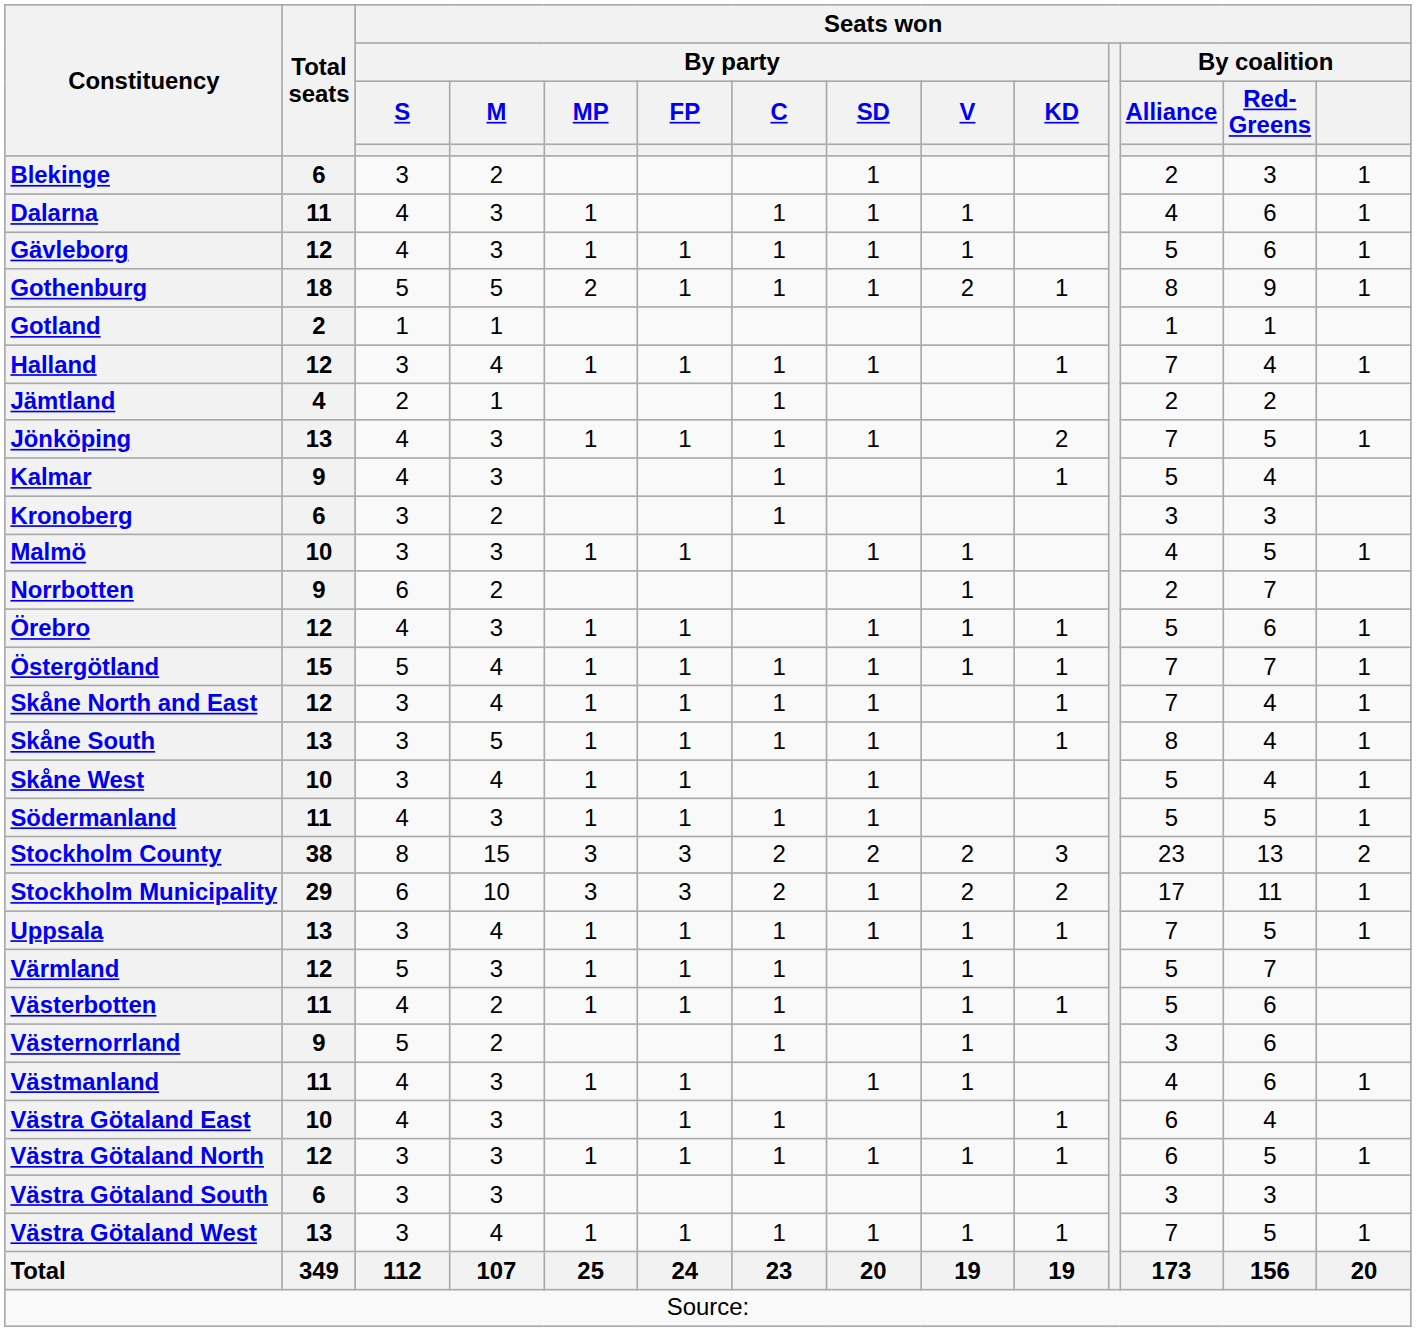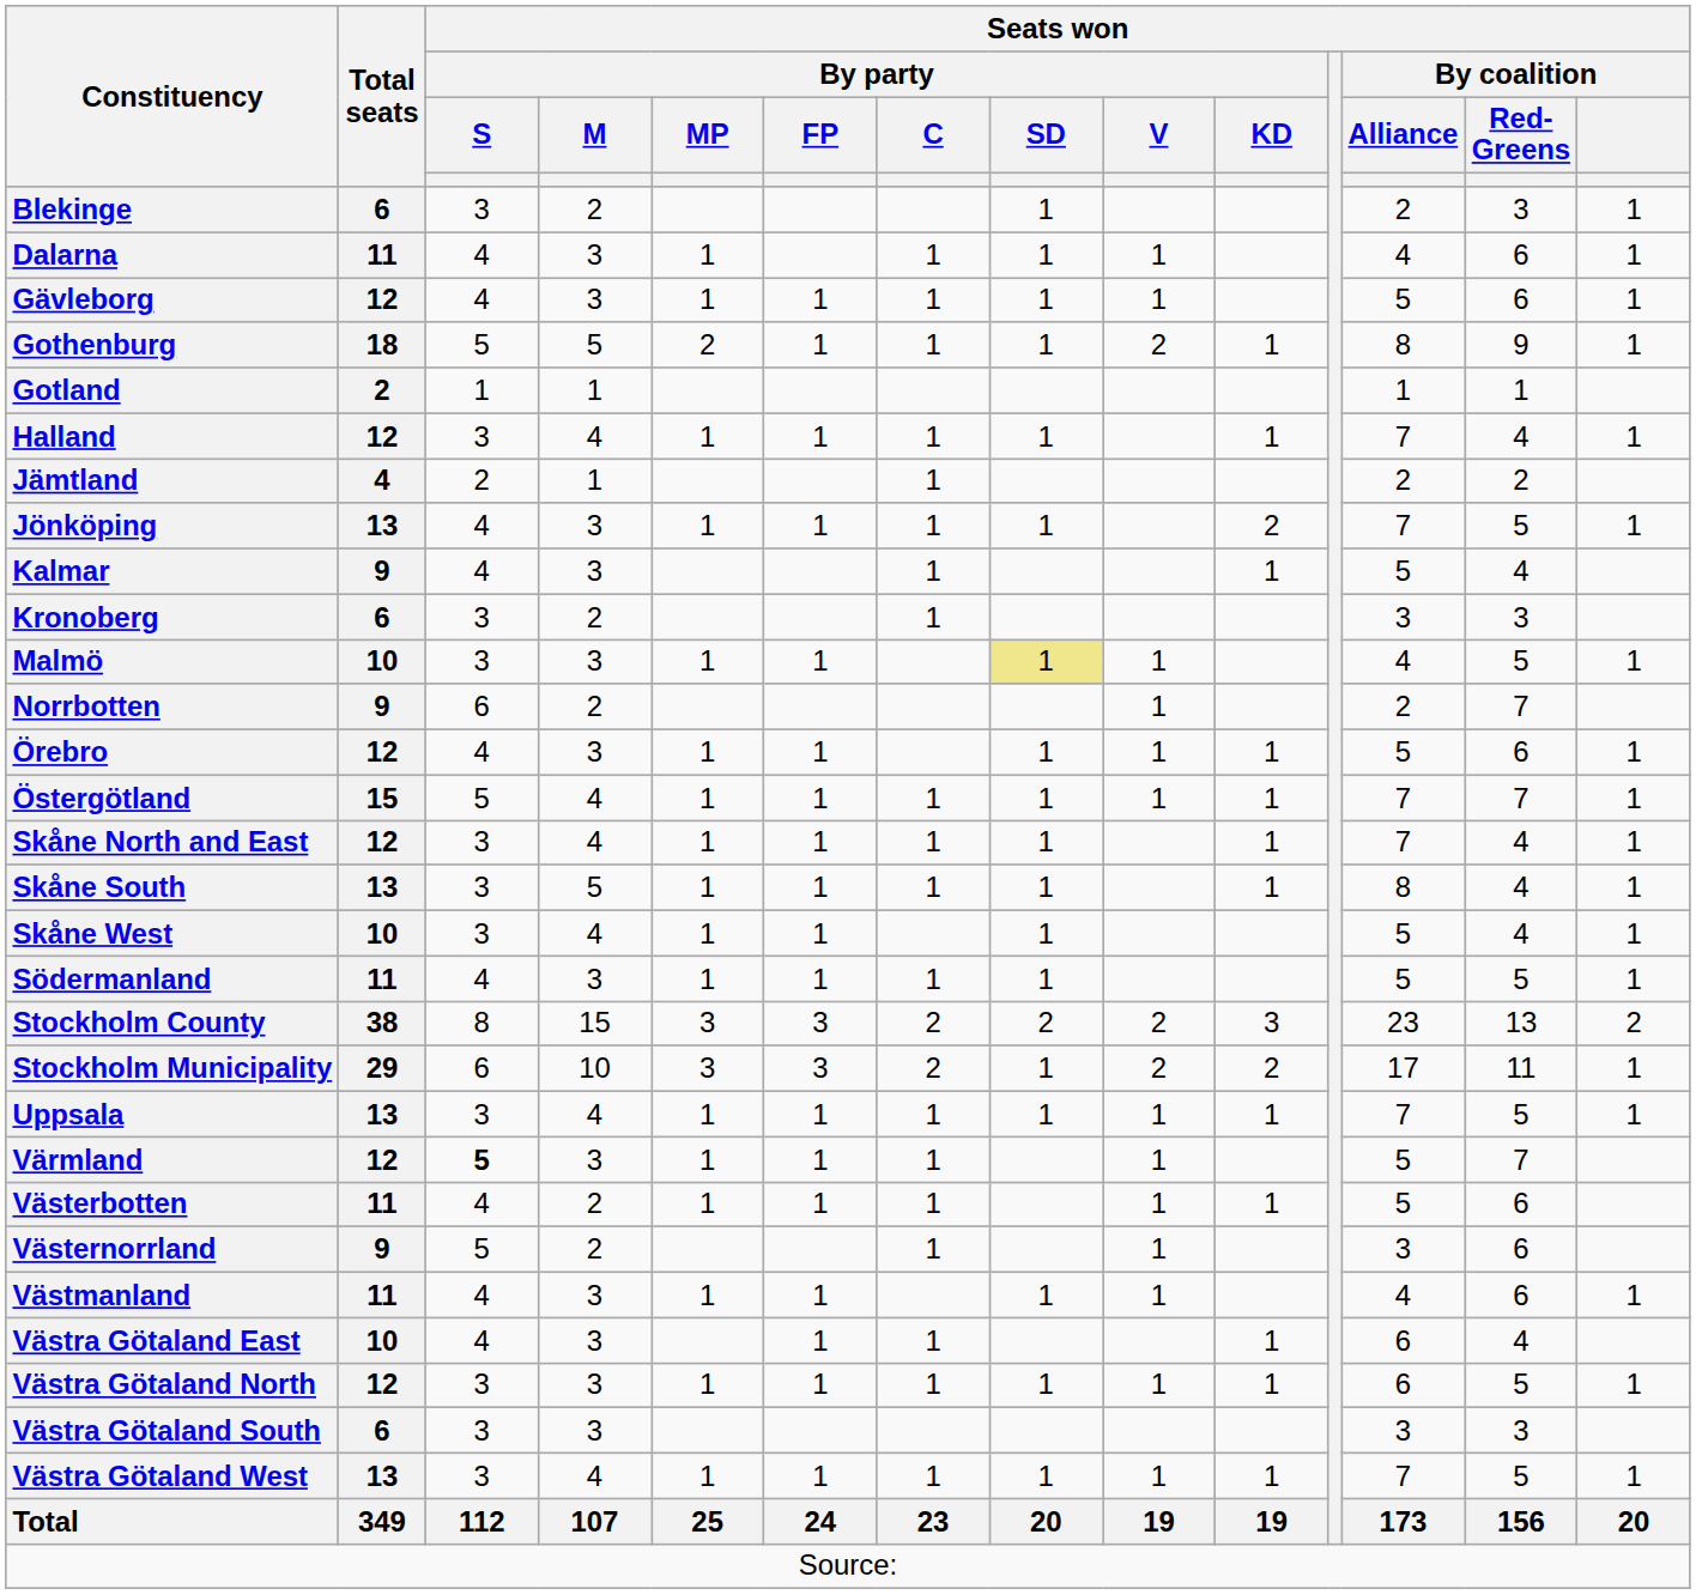 <table class="wikitable" style="text-align:center; font-size: 0.9em;">
 <tr>
 <th rowspan="4">Constituency</th>
 <th rowspan="4">Total<br>seats</th>
 <th colspan="12">Seats won</th>
 </tr>
 <tr>
 <th colspan="8">By party</th>
 <th rowspan="33"></th>
 <th colspan="3">By coalition</th>
 </tr>
 <tr>
 <th class="unsortable" style="width:50px;"><a href='#'>S</a></th>
 <th class="unsortable" style="width:50px;"><a href='#'>M</a></th>
 <th class="unsortable" style="width:50px;"><a href='#'>MP</a></th>
 <th class="unsortable" style="width:50px;"><a href='#'>FP</a></th>
 <th class="unsortable" style="width:50px;"><a href='#'>C</a></th>
 <th class="unsortable" style="width:50px;"><a href='#'>SD</a></th>
 <th class="unsortable" style="width:50px;"><a href='#'>V</a></th>
 <th class="unsortable" style="width:50px;"><a href='#'>KD</a></th>
 <th class="unsortable" style="width:50px;"><a href='#'>Alliance</a></th>
 <th class="unsortable" style="width:50px;"><a href='#'>Red-Greens</a></th>
 <th class="unsortable" style="width:50px;"></th>
 </tr>
 <tr>
 <th style="background:"></th>
 <th style="background:"></th>
 <th style="background:"></th>
 <th style="background:"></th>
 <th style="background:"></th>
 <th style="background:"></th>
 <th style="background:"></th>
 <th style="background:"></th>
 <th style="background:"></th>
 <th style="background:"></th>
 <th></th>
 </tr>
 <tr>
 <th style="text-align: left;"><a href='#'>Blekinge</a></th>
 <th>6</th>
 <td>3</td>
 <td>2</td>
 <td></td>
 <td></td>
 <td></td>
 <td>1</td>
 <td></td>
 <td></td>
 <td>2</td>
 <td>3</td>
 <td>1</td>
 </tr>
 <tr>
 <th style="text-align: left;"><a href='#'>Dalarna</a></th>
 <th>11</th>
 <td>4</td>
 <td>3</td>
 <td>1</td>
 <td></td>
 <td>1</td>
 <td>1</td>
 <td>1</td>
 <td></td>
 <td>4</td>
 <td>6</td>
 <td>1</td>
 </tr>
 <tr>
 <th style="text-align: left;"><a href='#'>Gävleborg</a></th>
 <th>12</th>
 <td>4</td>
 <td>3</td>
 <td>1</td>
 <td>1</td>
 <td>1</td>
 <td>1</td>
 <td>1</td>
 <td></td>
 <td>5</td>
 <td>6</td>
 <td>1</td>
 </tr>
 <tr>
 <th style="text-align: left;"><a href='#'>Gothenburg</a></th>
 <th>18</th>
 <td>5</td>
 <td>5</td>
 <td>2</td>
 <td>1</td>
 <td>1</td>
 <td>1</td>
 <td>2</td>
 <td>1</td>
 <td>8</td>
 <td>9</td>
 <td>1</td>
 </tr>
 <tr>
 <th style="text-align: left;"><a href='#'>Gotland</a></th>
 <th>2</th>
 <td>1</td>
 <td>1</td>
 <td></td>
 <td></td>
 <td></td>
 <td></td>
 <td></td>
 <td></td>
 <td>1</td>
 <td>1</td>
 <td></td>
 </tr>
 <tr>
 <th style="text-align: left;"><a href='#'>Halland</a></th>
 <th>12</th>
 <td>3</td>
 <td>4</td>
 <td>1</td>
 <td>1</td>
 <td>1</td>
 <td>1</td>
 <td></td>
 <td>1</td>
 <td>7</td>
 <td>4</td>
 <td>1</td>
 </tr>
 <tr>
 <th style="text-align: left;"><a href='#'>Jämtland</a></th>
 <th>4</th>
 <td>2</td>
 <td>1</td>
 <td></td>
 <td></td>
 <td>1</td>
 <td></td>
 <td></td>
 <td></td>
 <td>2</td>
 <td>2</td>
 <td></td>
 </tr>
 <tr>
 <th style="text-align: left;"><a href='#'>Jönköping</a></th>
 <th>13</th>
 <td>4</td>
 <td>3</td>
 <td>1</td>
 <td>1</td>
 <td>1</td>
 <td>1</td>
 <td></td>
 <td>2</td>
 <td>7</td>
 <td>5</td>
 <td>1</td>
 </tr>
 <tr>
 <th style="text-align: left;"><a href='#'>Kalmar</a></th>
 <th>9</th>
 <td>4</td>
 <td>3</td>
 <td></td>
 <td></td>
 <td>1</td>
 <td></td>
 <td></td>
 <td>1</td>
 <td>5</td>
 <td>4</td>
 <td></td>
 </tr>
 <tr>
 <th style="text-align: left;"><a href='#'>Kronoberg</a></th>
 <th>6</th>
 <td>3</td>
 <td>2</td>
 <td></td>
 <td></td>
 <td>1</td>
 <td></td>
 <td></td>
 <td></td>
 <td>3</td>
 <td>3</td>
 <td></td>
 </tr>
 <tr>
 <th style="text-align: left;"><a href='#'>Malmö</a></th>
 <th>10</th>
 <td>3</td>
 <td>3</td>
 <td>1</td>
 <td>1</td>
 <td></td>
-<td>1</td>
+<td style="background: khaki;">1</td>
 <td>1</td>
 <td></td>
 <td>4</td>
 <td>5</td>
 <td>1</td>
 </tr>
 <tr>
 <th style="text-align: left;"><a href='#'>Norrbotten</a></th>
 <th>9</th>
 <td>6</td>
 <td>2</td>
 <td></td>
 <td></td>
 <td></td>
 <td></td>
 <td>1</td>
 <td></td>
 <td>2</td>
 <td>7</td>
 <td></td>
 </tr>
 <tr>
 <th style="text-align: left;"><a href='#'>Örebro</a></th>
 <th>12</th>
 <td>4</td>
 <td>3</td>
 <td>1</td>
 <td>1</td>
 <td></td>
 <td>1</td>
 <td>1</td>
 <td>1</td>
 <td>5</td>
 <td>6</td>
 <td>1</td>
 </tr>
 <tr>
 <th style="text-align: left;"><a href='#'>Östergötland</a></th>
 <th>15</th>
 <td>5</td>
 <td>4</td>
 <td>1</td>
 <td>1</td>
 <td>1</td>
 <td>1</td>
 <td>1</td>
 <td>1</td>
 <td>7</td>
 <td>7</td>
 <td>1</td>
 </tr>
 <tr>
 <th style="text-align: left;"><a href='#'>Skåne North and East</a></th>
 <th>12</th>
 <td>3</td>
 <td>4</td>
 <td>1</td>
 <td>1</td>
 <td>1</td>
 <td>1</td>
 <td></td>
 <td>1</td>
 <td>7</td>
 <td>4</td>
 <td>1</td>
 </tr>
 <tr>
 <th style="text-align: left;"><a href='#'>Skåne South</a></th>
 <th>13</th>
 <td>3</td>
 <td>5</td>
 <td>1</td>
 <td>1</td>
 <td>1</td>
 <td>1</td>
 <td></td>
 <td>1</td>
 <td>8</td>
 <td>4</td>
 <td>1</td>
 </tr>
 <tr>
 <th style="text-align: left;"><a href='#'>Skåne West</a></th>
 <th>10</th>
 <td>3</td>
 <td>4</td>
 <td>1</td>
 <td>1</td>
 <td></td>
 <td>1</td>
 <td></td>
 <td></td>
 <td>5</td>
 <td>4</td>
 <td>1</td>
 </tr>
 <tr>
 <th style="text-align: left;"><a href='#'>Södermanland</a></th>
 <th>11</th>
 <td>4</td>
 <td>3</td>
 <td>1</td>
 <td>1</td>
 <td>1</td>
 <td>1</td>
 <td></td>
 <td></td>
 <td>5</td>
 <td>5</td>
 <td>1</td>
 </tr>
 <tr>
 <th style="text-align: left;"><a href='#'>Stockholm County</a></th>
 <th>38</th>
 <td>8</td>
 <td>15</td>
 <td>3</td>
 <td>3</td>
 <td>2</td>
 <td>2</td>
 <td>2</td>
 <td>3</td>
 <td>23</td>
 <td>13</td>
 <td>2</td>
 </tr>
 <tr>
 <th style="text-align: left;"><a href='#'>Stockholm Municipality</a></th>
 <th>29</th>
 <td>6</td>
 <td>10</td>
 <td>3</td>
 <td>3</td>
 <td>2</td>
 <td>1</td>
 <td>2</td>
 <td>2</td>
 <td>17</td>
 <td>11</td>
 <td>1</td>
 </tr>
 <tr>
 <th style="text-align: left;"><a href='#'>Uppsala</a></th>
 <th>13</th>
 <td>3</td>
 <td>4</td>
 <td>1</td>
 <td>1</td>
 <td>1</td>
 <td>1</td>
 <td>1</td>
 <td>1</td>
 <td>7</td>
 <td>5</td>
 <td>1</td>
 </tr>
 <tr>
 <th style="text-align: left;"><a href='#'>Värmland</a></th>
 <th>12</th>
-<td>5</td>
+<td><strong>5</strong></td>
 <td>3</td>
 <td>1</td>
 <td>1</td>
 <td>1</td>
 <td></td>
 <td>1</td>
 <td></td>
 <td>5</td>
 <td>7</td>
 <td></td>
 </tr>
 <tr>
 <th style="text-align: left;"><a href='#'>Västerbotten</a></th>
 <th>11</th>
 <td>4</td>
 <td>2</td>
 <td>1</td>
 <td>1</td>
 <td>1</td>
 <td></td>
 <td>1</td>
 <td>1</td>
 <td>5</td>
 <td>6</td>
 <td></td>
 </tr>
 <tr>
 <th style="text-align: left;"><a href='#'>Västernorrland</a></th>
 <th>9</th>
 <td>5</td>
 <td>2</td>
 <td></td>
 <td></td>
 <td>1</td>
 <td></td>
 <td>1</td>
 <td></td>
 <td>3</td>
 <td>6</td>
 <td></td>
 </tr>
 <tr>
 <th style="text-align: left;"><a href='#'>Västmanland</a></th>
 <th>11</th>
 <td>4</td>
 <td>3</td>
 <td>1</td>
 <td>1</td>
 <td></td>
 <td>1</td>
 <td>1</td>
 <td></td>
 <td>4</td>
 <td>6</td>
 <td>1</td>
 </tr>
 <tr>
 <th style="text-align: left;"><a href='#'>Västra Götaland East</a></th>
 <th>10</th>
 <td>4</td>
 <td>3</td>
 <td></td>
 <td>1</td>
 <td>1</td>
 <td></td>
 <td></td>
 <td>1</td>
 <td>6</td>
 <td>4</td>
 <td></td>
 </tr>
 <tr>
 <th style="text-align: left;"><a href='#'>Västra Götaland North</a></th>
 <th>12</th>
 <td>3</td>
 <td>3</td>
 <td>1</td>
 <td>1</td>
 <td>1</td>
 <td>1</td>
 <td>1</td>
 <td>1</td>
 <td>6</td>
 <td>5</td>
 <td>1</td>
 </tr>
 <tr>
 <th style="text-align: left;"><a href='#'>Västra Götaland South</a></th>
 <th>6</th>
 <td>3</td>
 <td>3</td>
 <td></td>
 <td></td>
 <td></td>
 <td></td>
 <td></td>
 <td></td>
 <td>3</td>
 <td>3</td>
 <td></td>
 </tr>
 <tr>
 <th style="text-align: left;"><a href='#'>Västra Götaland West</a></th>
 <th>13</th>
 <td>3</td>
 <td>4</td>
 <td>1</td>
 <td>1</td>
 <td>1</td>
 <td>1</td>
 <td>1</td>
 <td>1</td>
 <td>7</td>
 <td>5</td>
 <td>1</td>
 </tr>
 <tr>
 <th style="text-align: left;">Total</th>
 <th>349</th>
 <th>112</th>
 <th>107</th>
 <th>25</th>
 <th>24</th>
 <th>23</th>
 <th>20</th>
 <th>19</th>
 <th>19</th>
 <th>173</th>
 <th>156</th>
 <th>20</th>
 </tr>
 <tr>
 <td colspan="14">Source: </td>
 </tr>
 </table>
